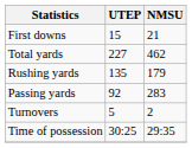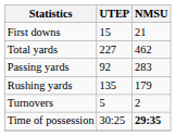 <table class="wikitable">
 <tr>
 <th>Statistics</th>
 <th>UTEP</th>
 <th>NMSU</th>
 </tr>
 <tr>
 <td>First downs</td>
 <td>15</td>
 <td>21</td>
 </tr>
 <tr>
 <td>Total yards</td>
 <td>227</td>
 <td>462</td>
 </tr>
 <tr>
+<td>Passing yards</td>
+<td>92</td>
+<td>283</td>
+</tr>
+<tr>
 <td>Rushing yards</td>
 <td>135</td>
 <td>179</td>
-</tr>
-<tr>
-<td>Passing yards</td>
-<td>92</td>
-<td>283</td>
 </tr>
 <tr>
 <td>Turnovers</td>
 <td>5</td>
 <td>2</td>
 </tr>
 <tr>
 <td>Time of possession</td>
 <td>30:25</td>
-<td>29:35</td>
+<td><strong>29:35</strong></td>
 </tr>
 <tr>
 </tr>
 </table>
